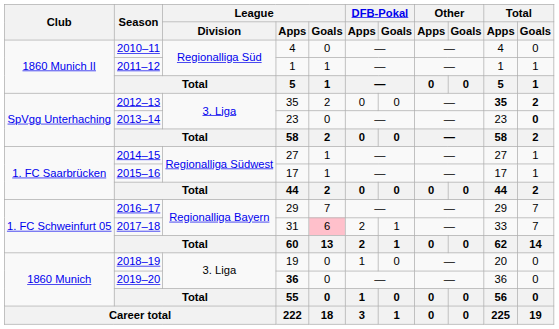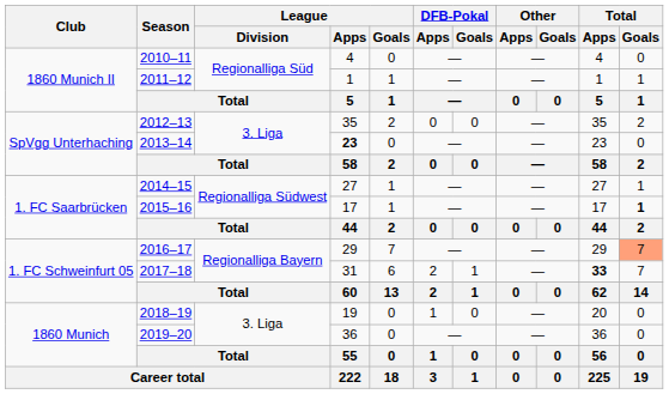 <table class=wikitable style="text-align:center">
 <tr>
 <th rowspan="2">Club</th>
 <th rowspan="2">Season</th>
 <th colspan="3">League</th>
 <th colspan="2"><a href='#'>DFB-Pokal</a></th>
 <th colspan="2">Other</th>
 <th colspan="2">Total</th>
 </tr>
 <tr>
 <th>Division</th>
 <th>Apps</th>
 <th>Goals</th>
 <th>Apps</th>
 <th>Goals</th>
 <th>Apps</th>
 <th>Goals</th>
 <th>Apps</th>
 <th>Goals</th>
 </tr>
 <tr>
 <td rowspan="3"><a href='#'>1860 Munich II</a></td>
 <td><a href='#'>2010–11</a></td>
 <td rowspan="2"><a href='#'>Regionalliga Süd</a></td>
 <td>4</td>
 <td>0</td>
 <td colspan="2">—</td>
 <td colspan="2">—</td>
 <td>4</td>
 <td>0</td>
 </tr>
 <tr>
 <td><a href='#'>2011–12</a></td>
 <td>1</td>
 <td>1</td>
 <td colspan="2">—</td>
 <td colspan="2">—</td>
 <td>1</td>
 <td>1</td>
 </tr>
 <tr>
 <th colspan="2">Total</th>
 <th>5</th>
 <th>1</th>
 <th colspan="2">—</th>
 <th>0</th>
 <th>0</th>
 <th>5</th>
 <th>1</th>
 </tr>
 <tr>
 <td rowspan="3"><a href='#'>SpVgg Unterhaching</a></td>
 <td><a href='#'>2012–13</a></td>
 <td rowspan="2"><a href='#'>3. Liga</a></td>
 <td>35</td>
 <td>2</td>
 <td>0</td>
 <td>0</td>
 <td colspan="2">—</td>
-<td><strong>35</strong></td>
-<td><strong>2</strong></td>
+<td>35</td>
+<td>2</td>
 </tr>
 <tr>
 <td><a href='#'>2013–14</a></td>
-<td>23</td>
+<td><strong>23</strong></td>
 <td>0</td>
 <td colspan="2">—</td>
 <td colspan="2">—</td>
 <td>23</td>
-<td><strong>0</strong></td>
+<td>0</td>
 </tr>
 <tr>
 <th colspan="2">Total</th>
 <th>58</th>
 <th>2</th>
 <th>0</th>
 <th>0</th>
 <th colspan="2">—</th>
 <th>58</th>
 <th>2</th>
 </tr>
 <tr>
 <td rowspan="3"><a href='#'>1. FC Saarbrücken</a></td>
 <td><a href='#'>2014–15</a></td>
 <td rowspan="2"><a href='#'>Regionalliga Südwest</a></td>
 <td>27</td>
 <td>1</td>
 <td colspan="2">—</td>
 <td colspan="2">—</td>
 <td>27</td>
 <td>1</td>
 </tr>
 <tr>
 <td><a href='#'>2015–16</a></td>
 <td>17</td>
 <td>1</td>
 <td colspan="2">—</td>
 <td colspan="2">—</td>
 <td>17</td>
-<td>1</td>
+<td><strong>1</strong></td>
 </tr>
 <tr>
 <th colspan="2">Total</th>
 <th>44</th>
 <th>2</th>
 <th>0</th>
 <th>0</th>
 <th>0</th>
 <th>0</th>
 <th>44</th>
 <th>2</th>
 </tr>
 <tr>
 <td rowspan="3"><a href='#'>1. FC Schweinfurt 05</a></td>
 <td><a href='#'>2016–17</a></td>
 <td rowspan="2"><a href='#'>Regionalliga Bayern</a></td>
 <td>29</td>
 <td>7</td>
 <td colspan="2">—</td>
 <td colspan="2">—</td>
 <td>29</td>
-<td>7</td>
+<td style="background: lightsalmon;">7</td>
 </tr>
 <tr>
 <td><a href='#'>2017–18</a></td>
 <td>31</td>
-<td style="background: pink;">6</td>
+<td>6</td>
 <td>2</td>
 <td>1</td>
 <td colspan="2">—</td>
-<td>33</td>
+<td><strong>33</strong></td>
 <td>7</td>
 </tr>
 <tr>
 <th colspan="2">Total</th>
 <th>60</th>
 <th>13</th>
 <th>2</th>
 <th>1</th>
 <th>0</th>
 <th>0</th>
 <th>62</th>
 <th>14</th>
 </tr>
 <tr>
 <td rowspan="3"><a href='#'>1860 Munich</a></td>
 <td><a href='#'>2018–19</a></td>
 <td rowspan="2">3. Liga</td>
 <td>19</td>
 <td>0</td>
 <td>1</td>
 <td>0</td>
 <td colspan="2">—</td>
 <td>20</td>
 <td>0</td>
 </tr>
 <tr>
 <td><a href='#'>2019–20</a></td>
-<td><strong>36</strong></td>
+<td>36</td>
 <td>0</td>
 <td colspan="2">—</td>
 <td colspan="2">—</td>
 <td>36</td>
 <td>0</td>
 </tr>
 <tr>
 <th colspan="2">Total</th>
 <th>55</th>
 <th>0</th>
 <th>1</th>
 <th>0</th>
 <th>0</th>
 <th>0</th>
 <th>56</th>
 <th>0</th>
 </tr>
 <tr>
 <th colspan="3">Career total</th>
 <th>222</th>
 <th>18</th>
 <th>3</th>
 <th>1</th>
 <th>0</th>
 <th>0</th>
 <th>225</th>
 <th>19</th>
 </tr>
 </table>
